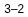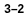 <table style="text-align:center">
 <tr>
 <th width=200></th>
 <th width=100></th>
 <th width=200></th>
 </tr>
 <tr>
 <td align=right><strong></strong></td>
-<td>3–2</td>
+<td><strong>3–2</strong></td>
 <td align=left></td>
 </tr>
 </table>
